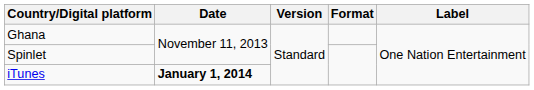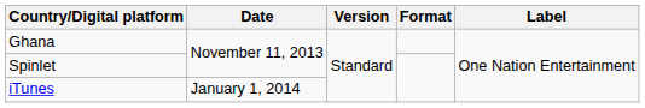 <table class="wikitable">
 <tr>
 <th>Country/Digital platform</th>
 <th>Date</th>
 <th>Version</th>
 <th>Format</th>
 <th>Label</th>
 </tr>
 <tr>
 <td>Ghana</td>
 <td rowspan="2">November 11, 2013</td>
 <td rowspan="3">Standard</td>
 <td rowspan="1"></td>
 <td rowspan="3">One Nation Entertainment</td>
 </tr>
 <tr>
 <td>Spinlet</td>
 <td rowspan="2"></td>
 </tr>
 <tr>
 <td><a href='#'>iTunes</a></td>
-<td><strong>January 1, 2014</strong></td>
+<td>January 1, 2014</td>
 </tr>
 </table>
